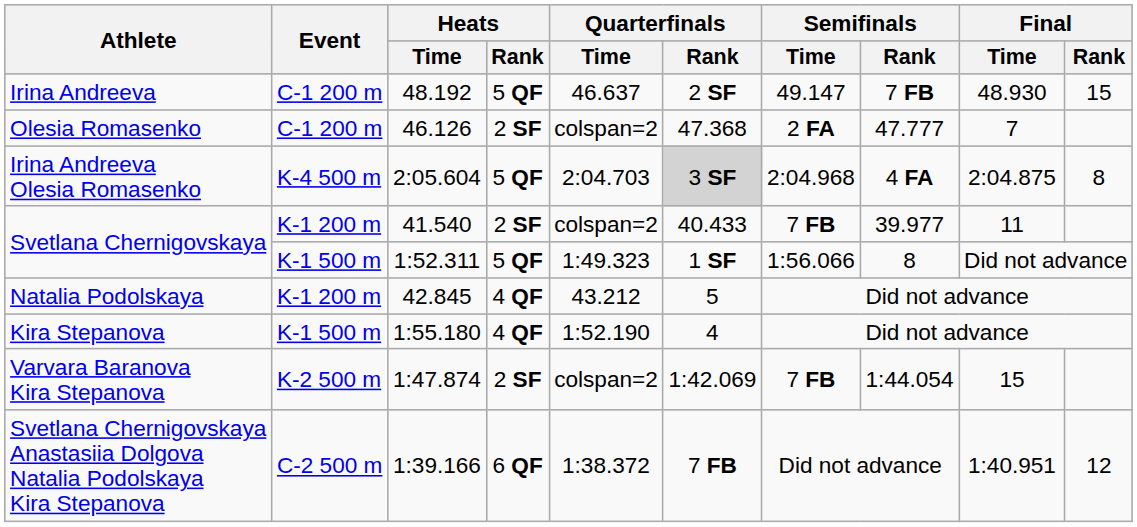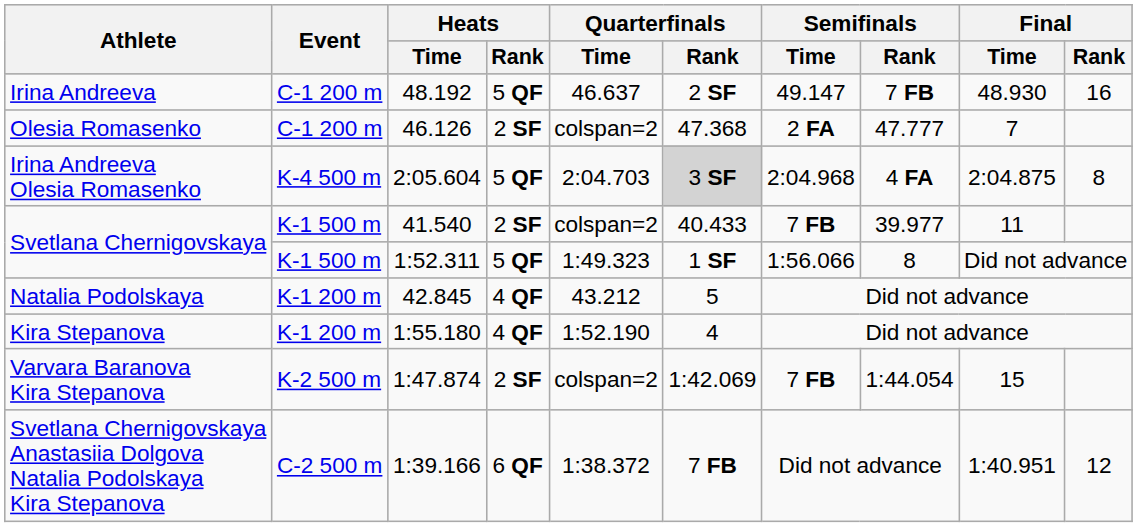 <table class=wikitable style="text-align:center; font-size:90%">
 <tr>
 <th rowspan=2>Athlete</th>
 <th rowspan=2>Event</th>
 <th colspan=2>Heats</th>
 <th colspan=2>Quarterfinals</th>
 <th colspan=2>Semifinals</th>
 <th colspan=2>Final</th>
 </tr>
 <tr style="font-size:95%">
 <th>Time</th>
 <th>Rank</th>
 <th>Time</th>
 <th>Rank</th>
 <th>Time</th>
 <th>Rank</th>
 <th>Time</th>
 <th>Rank</th>
 </tr>
 <tr>
 <td align=left><a href='#'>Irina Andreeva</a></td>
 <td align=left><a href='#'>C-1 200 m</a></td>
 <td>48.192</td>
 <td>5 <strong>QF</strong></td>
 <td>46.637</td>
 <td>2 <strong>SF</strong></td>
 <td>49.147</td>
 <td>7 <strong>FB</strong></td>
 <td>48.930</td>
-<td>15</td>
+<td>16</td>
 </tr>
 <tr>
 <td align=left><a href='#'>Olesia Romasenko</a></td>
 <td align=left><a href='#'>C-1 200 m</a></td>
 <td>46.126</td>
 <td>2 <strong>SF</strong></td>
 <td>colspan=2 </td>
 <td>47.368</td>
 <td>2 <strong>FA</strong></td>
 <td>47.777</td>
 <td>7</td>
 </tr>
 <tr>
 <td align=left><a href='#'>Irina Andreeva</a><br><a href='#'>Olesia Romasenko</a></td>
 <td align=left><a href='#'>K-4 500 m</a></td>
 <td>2:05.604</td>
 <td>5 <strong>QF</strong></td>
 <td>2:04.703</td>
 <td style="background: lightgrey;">3 <strong>SF</strong></td>
 <td>2:04.968</td>
 <td>4 <strong>FA</strong></td>
 <td>2:04.875</td>
 <td>8</td>
 </tr>
 <tr>
 <td rowspan=2 align=left><a href='#'>Svetlana Chernigovskaya</a></td>
-<td align=left><a href='#'>K-1 200 m</a></td>
+<td align=left><a href='#'>K-1 500 m</a></td>
 <td>41.540</td>
 <td>2 <strong>SF</strong></td>
 <td>colspan=2 </td>
 <td>40.433</td>
 <td>7 <strong>FB</strong></td>
 <td>39.977</td>
 <td>11</td>
 </tr>
 <tr>
 <td align=left><a href='#'>K-1 500 m</a></td>
 <td>1:52.311</td>
 <td>5 <strong>QF</strong></td>
 <td>1:49.323</td>
 <td>1 <strong>SF</strong></td>
 <td>1:56.066</td>
 <td>8</td>
 <td colspan=2>Did not advance</td>
 </tr>
 <tr>
 <td align=left><a href='#'>Natalia Podolskaya</a></td>
 <td align=left><a href='#'>K-1 200 m</a></td>
 <td>42.845</td>
 <td>4 <strong>QF</strong></td>
 <td>43.212</td>
 <td>5</td>
 <td colspan=4>Did not advance</td>
 </tr>
 <tr>
 <td align=left><a href='#'>Kira Stepanova</a></td>
-<td align=left><a href='#'>K-1 500 m</a></td>
+<td align=left><a href='#'>K-1 200 m</a></td>
 <td>1:55.180</td>
 <td>4 <strong>QF</strong></td>
 <td>1:52.190</td>
 <td>4</td>
 <td colspan=4>Did not advance</td>
 </tr>
 <tr>
 <td align=left><a href='#'>Varvara Baranova</a><br><a href='#'>Kira Stepanova</a></td>
 <td align=left><a href='#'>K-2 500 m</a></td>
 <td>1:47.874</td>
 <td>2 <strong>SF</strong></td>
 <td>colspan=2 </td>
 <td>1:42.069</td>
 <td>7 <strong>FB</strong></td>
 <td>1:44.054</td>
 <td>15</td>
 </tr>
 <tr>
 <td align=left><a href='#'>Svetlana Chernigovskaya</a><br><a href='#'>Anastasiia Dolgova</a><br><a href='#'>Natalia Podolskaya</a><br><a href='#'>Kira Stepanova</a></td>
 <td align=left><a href='#'>C-2 500 m</a></td>
 <td>1:39.166</td>
 <td>6 <strong>QF</strong></td>
 <td>1:38.372</td>
 <td>7 <strong>FB</strong></td>
 <td colspan=2>Did not advance</td>
 <td>1:40.951</td>
 <td>12</td>
 </tr>
 </table>
